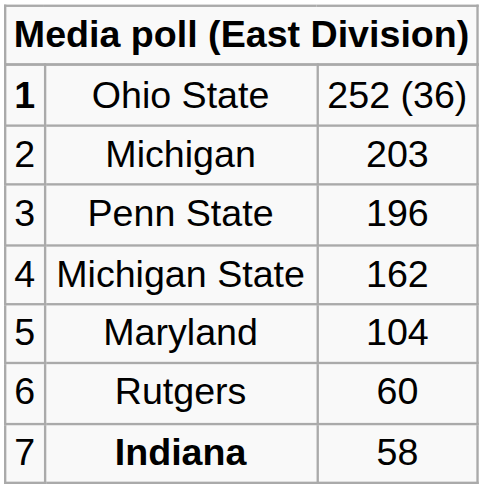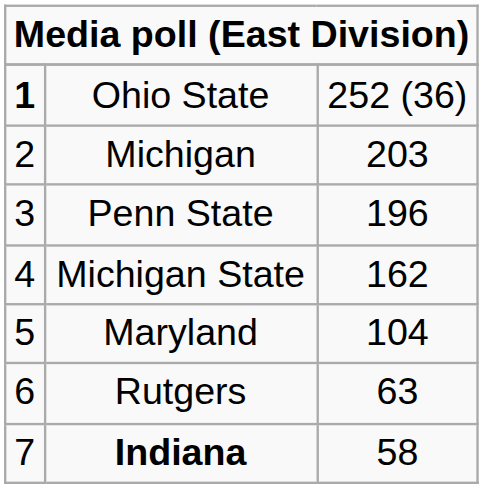 <table class="wikitable" style="display: inline-table;">
 <tr>
 <td align="center" Colspan="3"><strong>Media poll (East Division)</strong></td>
 </tr>
 <tr align="center">
 </tr>
 <tr align="center">
 <td><strong>1</strong></td>
 <td>Ohio State</td>
 <td>252 (36)</td>
 </tr>
 <tr align="center">
 <td>2</td>
 <td>Michigan</td>
 <td>203</td>
 </tr>
 <tr align="center">
 <td>3</td>
 <td>Penn State</td>
 <td>196</td>
 </tr>
 <tr align="center">
 <td>4</td>
 <td>Michigan State</td>
 <td>162</td>
 </tr>
 <tr align="center">
 <td>5</td>
 <td>Maryland</td>
 <td>104</td>
 </tr>
 <tr align="center">
 <td>6</td>
 <td>Rutgers</td>
-<td>60</td>
+<td>63</td>
 </tr>
 <tr align="center">
 <td>7</td>
 <td><strong>Indiana</strong></td>
 <td>58</td>
 </tr>
 </table>
